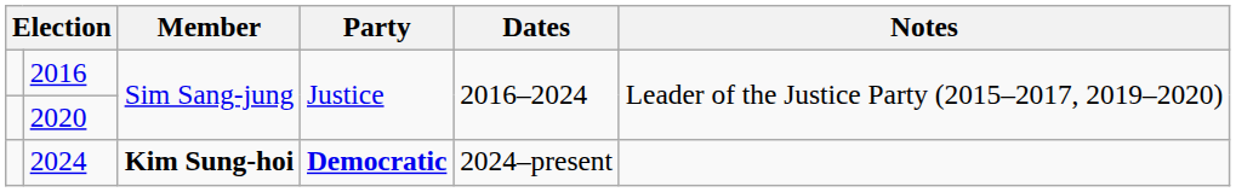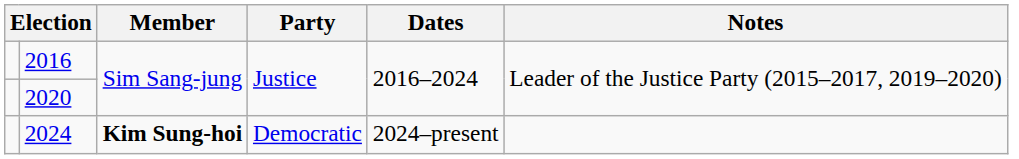 <table class="wikitable">
 <tr>
 <th colspan="2">Election</th>
 <th>Member</th>
 <th>Party</th>
 <th>Dates</th>
 <th>Notes</th>
 </tr>
 <tr>
 <td></td>
 <td><a href='#'>2016</a></td>
 <td rowspan="2"><a href='#'>Sim Sang-jung</a></td>
 <td rowspan="2"><a href='#'>Justice</a></td>
 <td rowspan="2">2016–2024</td>
 <td rowspan="2">Leader of the Justice Party (2015–2017, 2019–2020)</td>
 </tr>
 <tr>
 <td></td>
 <td><a href='#'>2020</a></td>
 </tr>
 <tr>
 <td></td>
 <td><a href='#'>2024</a></td>
 <td rowspan="1"><strong>Kim Sung-hoi</strong></td>
-<td rowspan="1"><strong><a href='#'>Democratic</a></strong></td>
+<td rowspan="1"><a href='#'>Democratic</a></td>
 <td rowspan="1">2024–present</td>
 <td rowspan="1"></td>
 </tr>
 </table>
